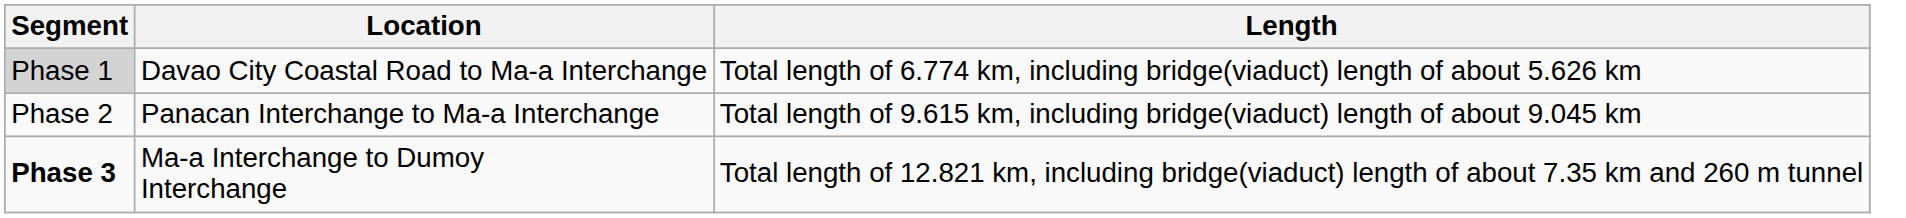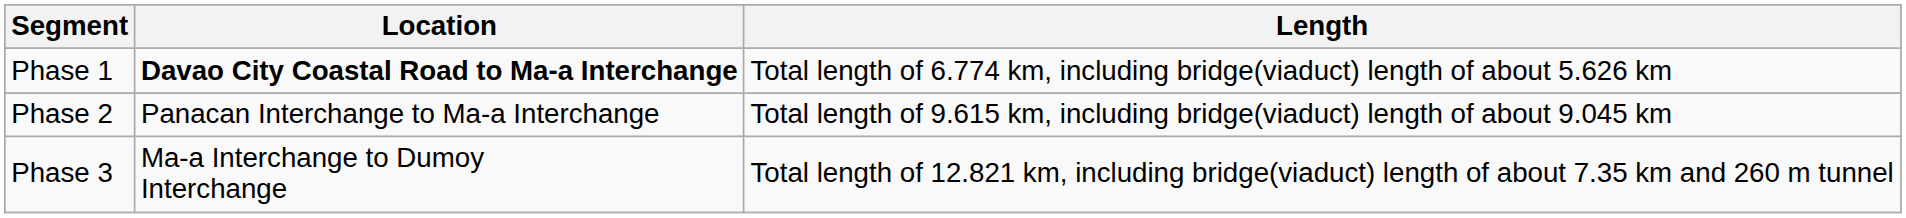 <table class="wikitable">
 <tr>
 <th>Segment</th>
 <th>Location</th>
 <th>Length</th>
 </tr>
 <tr>
-<td style="background: lightgrey;">Phase 1</td>
-<td>Davao City Coastal Road to Ma-a Interchange</td>
+<td>Phase 1</td>
+<td><strong>Davao City Coastal Road to Ma-a Interchange</strong></td>
 <td>Total length of 6.774 km, including bridge(viaduct) length of about 5.626 km</td>
 </tr>
 <tr>
 <td>Phase 2</td>
 <td>Panacan Interchange to Ma-a Interchange</td>
 <td>Total length of 9.615 km, including bridge(viaduct) length of about 9.045 km</td>
 </tr>
 <tr>
-<td><strong>Phase 3</strong></td>
+<td>Phase 3</td>
 <td>Ma-a Interchange to Dumoy<br>Interchange</td>
 <td>Total length of 12.821 km, including bridge(viaduct) length of about 7.35 km and 260 m tunnel</td>
 </tr>
 </table>
